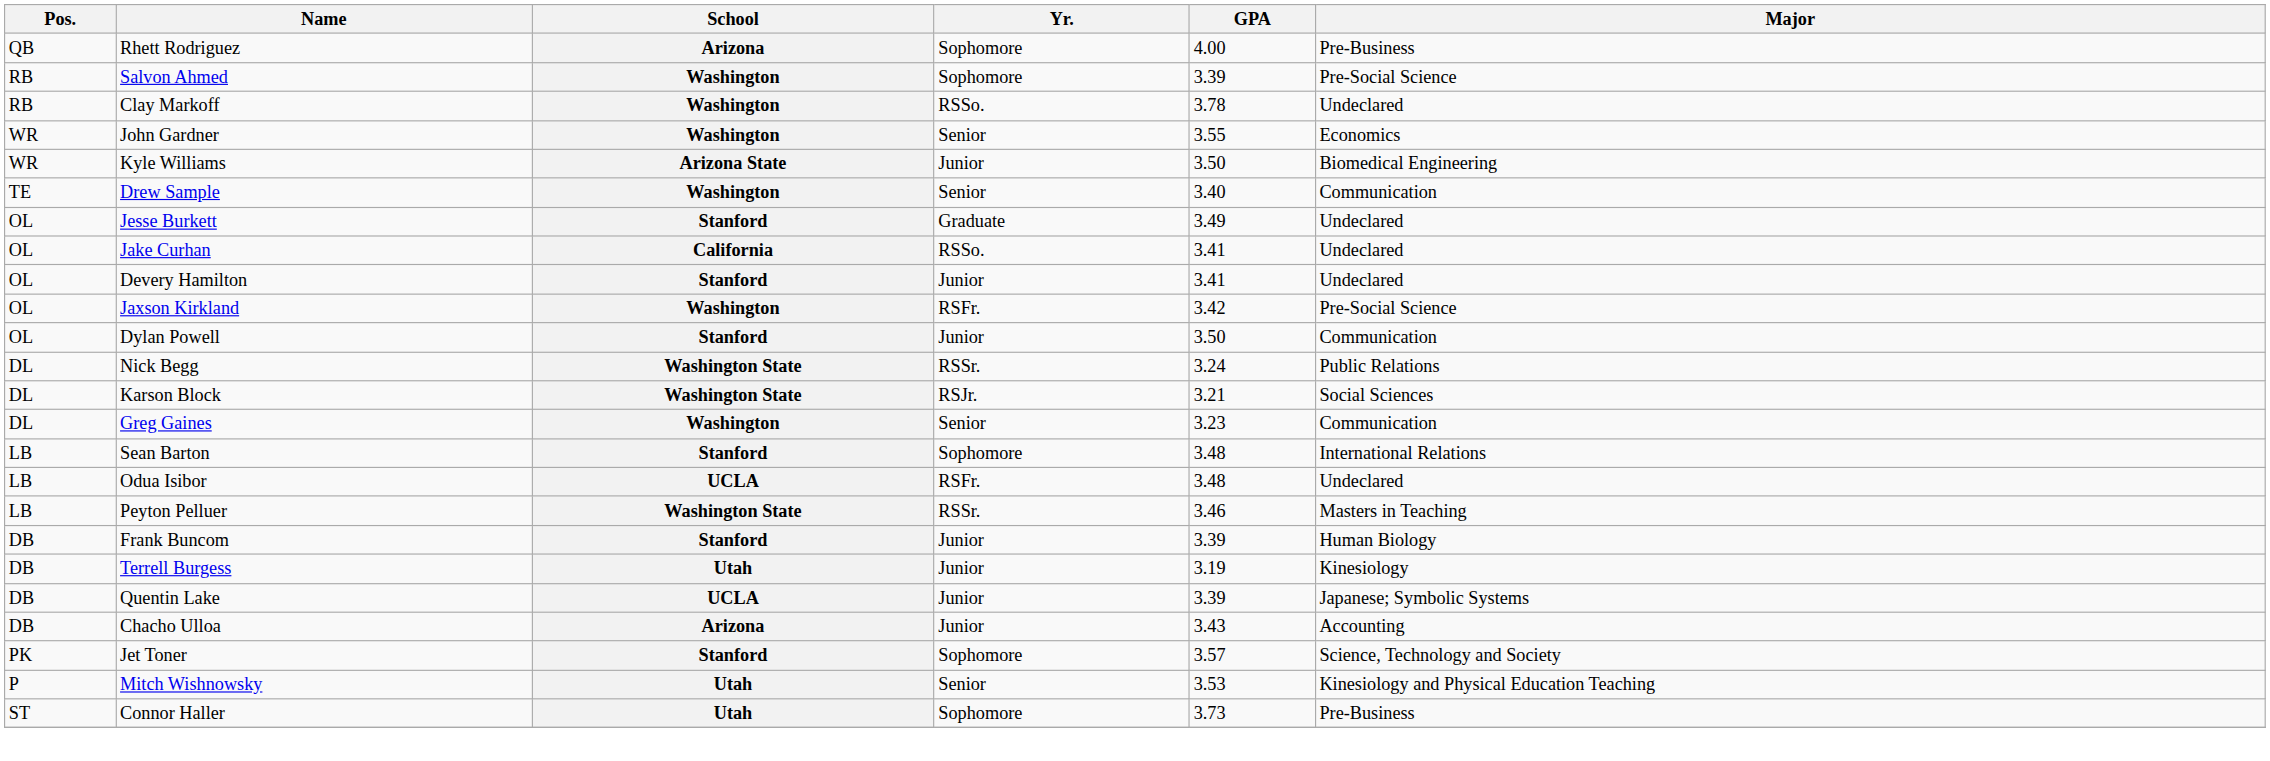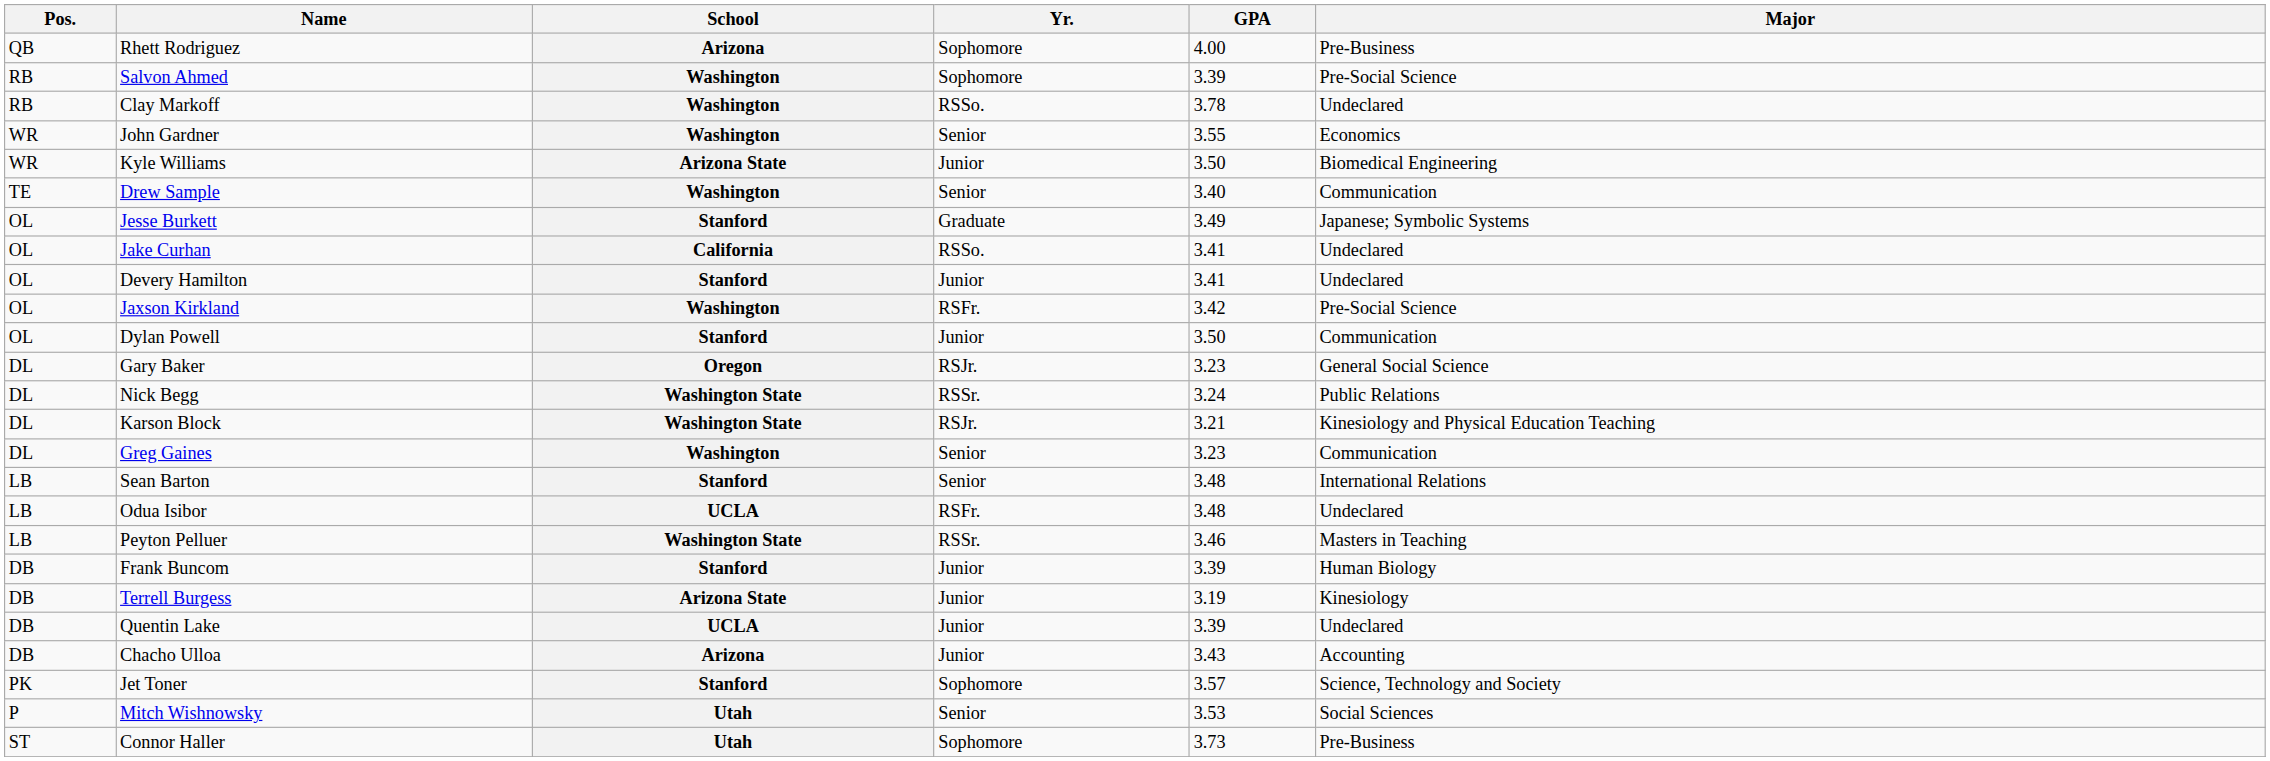 <table class="wikitable sortable sortable" style="width:100%;">
 <tr>
 <th>Pos.</th>
 <th>Name</th>
 <th>School</th>
 <th>Yr.</th>
 <th>GPA</th>
 <th>Major</th>
 </tr>
 <tr>
 <td>QB</td>
 <td>Rhett Rodriguez</td>
 <th>Arizona</th>
 <td>Sophomore</td>
 <td>4.00</td>
 <td>Pre-Business</td>
 </tr>
 <tr>
 <td>RB</td>
 <td><a href='#'>Salvon Ahmed</a></td>
 <th>Washington</th>
 <td>Sophomore</td>
 <td>3.39</td>
 <td>Pre-Social Science</td>
 </tr>
 <tr>
 <td>RB</td>
 <td>Clay Markoff</td>
 <th>Washington</th>
 <td>RSSo.</td>
 <td>3.78</td>
 <td>Undeclared</td>
 </tr>
 <tr>
 <td>WR</td>
 <td>John Gardner</td>
 <th>Washington</th>
 <td>Senior</td>
 <td>3.55</td>
 <td>Economics</td>
 </tr>
 <tr>
 <td>WR</td>
 <td>Kyle Williams</td>
 <th>Arizona State</th>
 <td>Junior</td>
 <td>3.50</td>
 <td>Biomedical Engineering</td>
 </tr>
 <tr>
 <td>TE</td>
 <td><a href='#'>Drew Sample</a></td>
 <th>Washington</th>
 <td>Senior</td>
 <td>3.40</td>
 <td>Communication</td>
 </tr>
 <tr>
 <td>OL</td>
 <td><a href='#'>Jesse Burkett</a></td>
 <th>Stanford</th>
 <td>Graduate</td>
 <td>3.49</td>
-<td>Undeclared</td>
+<td>Japanese; Symbolic Systems</td>
 </tr>
 <tr>
 <td>OL</td>
 <td><a href='#'>Jake Curhan</a></td>
 <th>California</th>
 <td>RSSo.</td>
 <td>3.41</td>
 <td>Undeclared</td>
 </tr>
 <tr>
 <td>OL</td>
 <td>Devery Hamilton</td>
 <th>Stanford</th>
 <td>Junior</td>
 <td>3.41</td>
 <td>Undeclared</td>
 </tr>
 <tr>
 <td>OL</td>
 <td><a href='#'>Jaxson Kirkland</a></td>
 <th>Washington</th>
 <td>RSFr.</td>
 <td>3.42</td>
 <td>Pre-Social Science</td>
 </tr>
 <tr>
 <td>OL</td>
 <td>Dylan Powell</td>
 <th>Stanford</th>
 <td>Junior</td>
 <td>3.50</td>
 <td>Communication</td>
 </tr>
 <tr>
 <td>DL</td>
+<td>Gary Baker</td>
+<th>Oregon</th>
+<td>RSJr.</td>
+<td>3.23</td>
+<td>General Social Science</td>
+</tr>
+<tr>
+<td>DL</td>
 <td>Nick Begg</td>
 <th>Washington State</th>
 <td>RSSr.</td>
 <td>3.24</td>
 <td>Public Relations</td>
 </tr>
 <tr>
 <td>DL</td>
 <td>Karson Block</td>
 <th>Washington State</th>
 <td>RSJr.</td>
 <td>3.21</td>
-<td>Social Sciences</td>
+<td>Kinesiology and Physical Education Teaching</td>
 </tr>
 <tr>
 <td>DL</td>
 <td><a href='#'>Greg Gaines</a></td>
 <th>Washington</th>
 <td>Senior</td>
 <td>3.23</td>
 <td>Communication</td>
 </tr>
 <tr>
 <td>LB</td>
 <td>Sean Barton</td>
 <th>Stanford</th>
-<td>Sophomore</td>
+<td>Senior</td>
 <td>3.48</td>
 <td>International Relations</td>
 </tr>
 <tr>
 <td>LB</td>
 <td>Odua Isibor</td>
 <th>UCLA</th>
 <td>RSFr.</td>
 <td>3.48</td>
 <td>Undeclared</td>
 </tr>
 <tr>
 <td>LB</td>
 <td>Peyton Pelluer</td>
 <th>Washington State</th>
 <td>RSSr.</td>
 <td>3.46</td>
 <td>Masters in Teaching</td>
 </tr>
 <tr>
 <td>DB</td>
 <td>Frank Buncom</td>
 <th>Stanford</th>
 <td>Junior</td>
 <td>3.39</td>
 <td>Human Biology</td>
 </tr>
 <tr>
 <td>DB</td>
 <td><a href='#'>Terrell Burgess</a></td>
-<th>Utah</th>
+<th>Arizona State</th>
 <td>Junior</td>
 <td>3.19</td>
 <td>Kinesiology</td>
 </tr>
 <tr>
 <td>DB</td>
 <td>Quentin Lake</td>
 <th>UCLA</th>
 <td>Junior</td>
 <td>3.39</td>
-<td>Japanese; Symbolic Systems</td>
+<td>Undeclared</td>
 </tr>
 <tr>
 <td>DB</td>
 <td>Chacho Ulloa</td>
 <th>Arizona</th>
 <td>Junior</td>
 <td>3.43</td>
 <td>Accounting</td>
 </tr>
 <tr>
 <td>PK</td>
 <td>Jet Toner</td>
 <th>Stanford</th>
 <td>Sophomore</td>
 <td>3.57</td>
 <td>Science, Technology and Society</td>
 </tr>
 <tr>
 <td>P</td>
 <td><a href='#'>Mitch Wishnowsky</a></td>
 <th>Utah</th>
 <td>Senior</td>
 <td>3.53</td>
-<td>Kinesiology and Physical Education Teaching</td>
+<td>Social Sciences</td>
 </tr>
 <tr>
 <td>ST</td>
 <td>Connor Haller</td>
 <th>Utah</th>
 <td>Sophomore</td>
 <td>3.73</td>
 <td>Pre-Business</td>
 </tr>
 <tr>
 </tr>
 </table>
